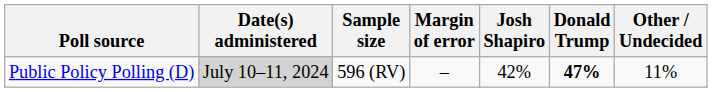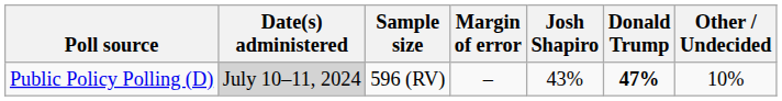 <table class="wikitable sortable mw-datatable" style="font-size:90%;text-align:center;line-height:17px">
 <tr valign=bottom>
 <th>Poll source</th>
 <th>Date(s)<br>administered</th>
 <th>Sample<br>size</th>
 <th>Margin<br>of error</th>
 <th class="unsortable">Josh<br>Shapiro<br></th>
 <th class="unsortable">Donald<br>Trump<br></th>
 <th class="unsortable">Other /<br>Undecided</th>
 </tr>
 <tr>
 <td style="text-align:left;"><a href='#'>Public Policy Polling (D)</a></td>
 <td data-sort-value="2024-07-22" style="background: lightgrey;">July 10–11, 2024</td>
 <td>596 (RV)</td>
 <td>–</td>
-<td>42%</td>
+<td>43%</td>
 <td style="background-color:"><strong>47%</strong></td>
-<td>11%</td>
+<td>10%</td>
 </tr>
 </table>
